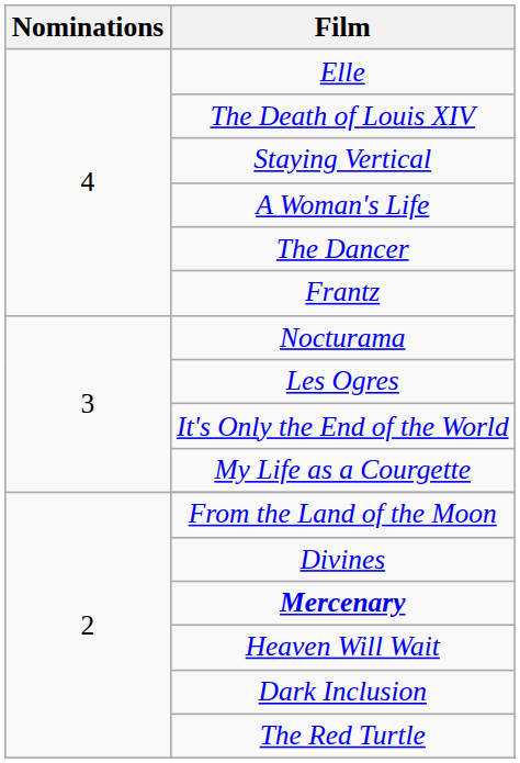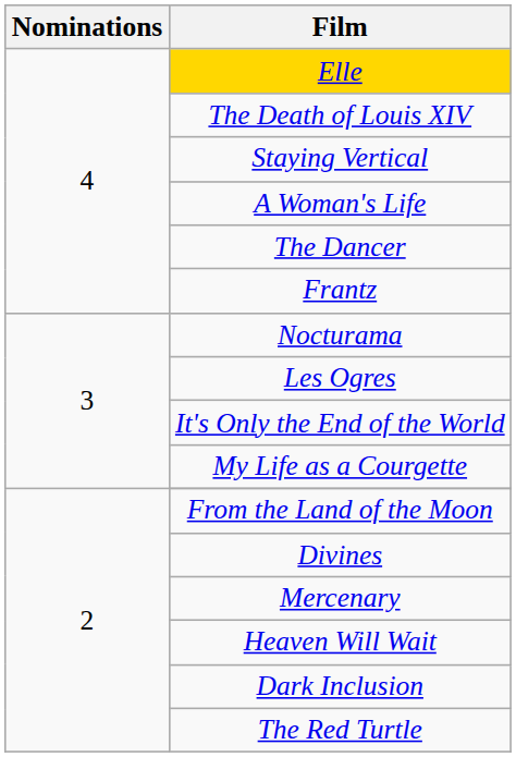 <table class="wikitable" style="text-align:center;">
 <tr>
 <th scope="col" width="55">Nominations</th>
 <th scope="col" align="center">Film</th>
 </tr>
 <tr>
 <td rowspan=6 style="text-align:center">4</td>
-<td><em><a href='#'>Elle</a></em></td>
+<td style="background: gold;"><em><a href='#'>Elle</a></em></td>
 </tr>
 <tr>
 <td><em><a href='#'>The Death of Louis XIV</a></em></td>
 </tr>
 <tr>
 <td><em><a href='#'>Staying Vertical</a></em></td>
 </tr>
 <tr>
 <td><em><a href='#'>A Woman's Life</a></em></td>
 </tr>
 <tr>
 <td><em><a href='#'>The Dancer</a></em></td>
 </tr>
 <tr>
 <td><em><a href='#'>Frantz</a></em></td>
 </tr>
 <tr>
 <td rowspan=4 style="text-align:center">3</td>
 <td><em><a href='#'>Nocturama</a></em></td>
 </tr>
 <tr>
 <td><em><a href='#'>Les Ogres</a></em></td>
 </tr>
 <tr>
 <td><em><a href='#'>It's Only the End of the World</a></em></td>
 </tr>
 <tr>
 <td><em><a href='#'>My Life as a Courgette</a></em></td>
 </tr>
 <tr>
 <td rowspan=7 style="text-align:center">2</td>
 </tr>
 <tr>
 <td><em><a href='#'>From the Land of the Moon</a></em></td>
 </tr>
 <tr>
 <td><em><a href='#'>Divines</a></em></td>
 </tr>
 <tr>
-<td><strong><em><a href='#'>Mercenary</a></em></strong></td>
+<td><em><a href='#'>Mercenary</a></em></td>
 </tr>
 <tr>
 <td><em><a href='#'>Heaven Will Wait</a></em></td>
 </tr>
 <tr>
 <td><em><a href='#'>Dark Inclusion</a></em></td>
 </tr>
 <tr>
 <td><em><a href='#'>The Red Turtle</a></em></td>
 </tr>
 </table>
